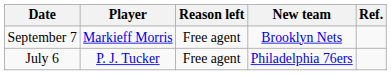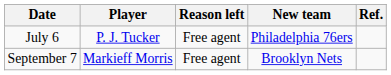 <table class="wikitable sortable sortable" style="text-align: center">
 <tr>
 <th>Date</th>
 <th>Player</th>
 <th>Reason left</th>
 <th>New team</th>
 <th>Ref.</th>
 </tr>
 <tr>
+<td>July 6</td>
+<td><a href='#'>P. J. Tucker</a></td>
+<td>Free agent</td>
+<td><a href='#'>Philadelphia 76ers</a></td>
+<td></td>
+</tr>
+<tr>
 <td>September 7</td>
 <td><a href='#'>Markieff Morris</a></td>
 <td>Free agent</td>
 <td><a href='#'>Brooklyn Nets</a></td>
 <td></td>
 </tr>
-<tr>
-<td>July 6</td>
-<td><a href='#'>P. J. Tucker</a></td>
-<td>Free agent</td>
-<td><a href='#'>Philadelphia 76ers</a></td>
-<td></td>
-</tr>
 </table>
